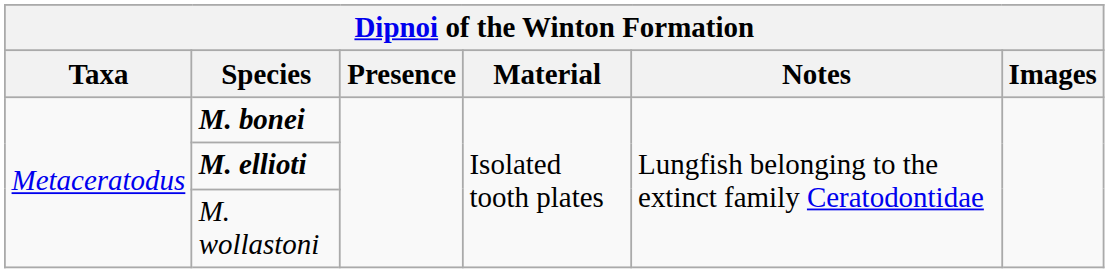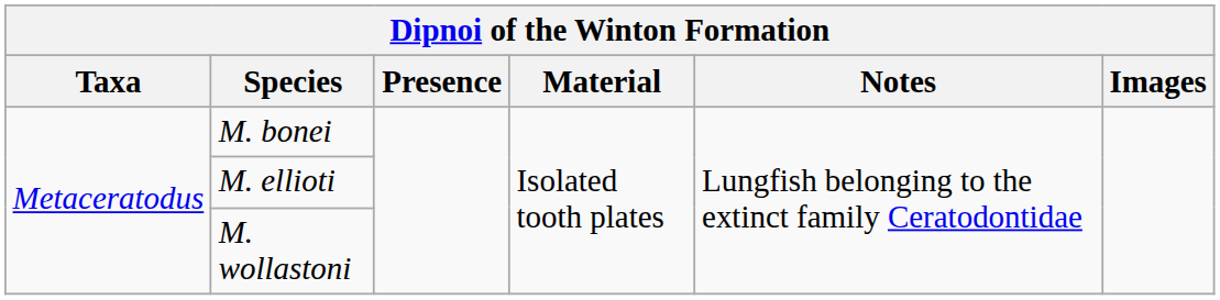 <table class="wikitable" align="center">
 <tr>
 <th colspan="6" align="center"><strong><a href='#'>Dipnoi</a></strong> of the Winton Formation</th>
 </tr>
 <tr>
 <th>Taxa</th>
 <th>Species</th>
 <th>Presence</th>
 <th>Material</th>
 <th>Notes</th>
 <th>Images</th>
 </tr>
 <tr>
 <td rowspan ="3"><em><a href='#'>Metaceratodus</a></em></td>
-<td><strong><em>M. bonei</em></strong></td>
+<td><em>M. bonei</em></td>
 <td rowspan ="3"></td>
 <td rowspan ="3">Isolated tooth plates</td>
 <td rowspan ="3">Lungfish belonging to the extinct family <a href='#'>Ceratodontidae</a></td>
 <td rowspan ="3"></td>
 </tr>
 <tr>
-<td><strong><em>M. ellioti</em></strong></td>
+<td><em>M. ellioti</em></td>
 </tr>
 <tr>
 <td><em>M. wollastoni</em></td>
 </tr>
 </table>
